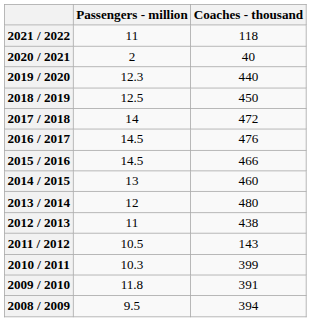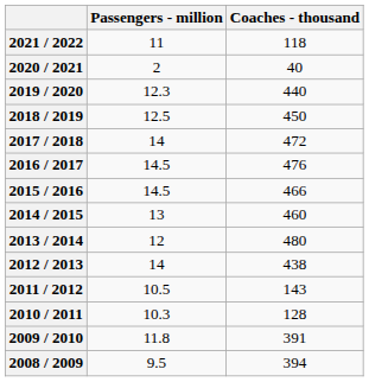 <table class="wikitable" style="text-align:center">
 <tr>
 <th></th>
 <th>Passe­ngers - million</th>
 <th>Coaches - thousand</th>
 </tr>
 <tr>
 <th>2021 / 2022</th>
 <td>11</td>
 <td>118</td>
 </tr>
 <tr>
 <th>2020 / 2021</th>
 <td>2</td>
 <td>40</td>
 </tr>
 <tr>
 <th>2019 / 2020</th>
 <td>12.3</td>
 <td>440</td>
 </tr>
 <tr>
 <th>2018 / 2019</th>
 <td>12.5</td>
 <td>450</td>
 </tr>
 <tr>
 <th>2017 / 2018</th>
 <td>14</td>
 <td>472</td>
 </tr>
 <tr>
 <th>2016 / 2017</th>
 <td>14.5</td>
 <td>476</td>
 </tr>
 <tr>
 <th>2015 / 2016</th>
 <td>14.5</td>
 <td>466</td>
 </tr>
 <tr>
 <th>2014 / 2015</th>
 <td>13</td>
 <td>460</td>
 </tr>
 <tr>
 <th>2013 / 2014</th>
 <td>12</td>
 <td>480</td>
 </tr>
 <tr>
 <th>2012 / 2013</th>
-<td>11</td>
+<td>14</td>
 <td>438</td>
 </tr>
 <tr>
 <th>2011 / 2012</th>
 <td>10.5</td>
 <td>143</td>
 </tr>
 <tr>
 <th>2010 / 2011</th>
 <td>10.3</td>
-<td>399</td>
+<td>128</td>
 </tr>
 <tr>
 <th>2009 / 2010</th>
 <td>11.8</td>
 <td>391</td>
 </tr>
 <tr>
 <th>2008 / 2009</th>
 <td>9.5</td>
 <td>394</td>
 </tr>
 </table>
